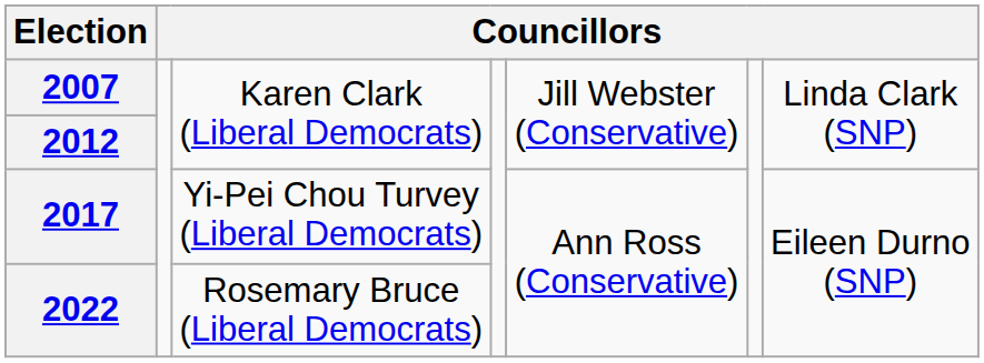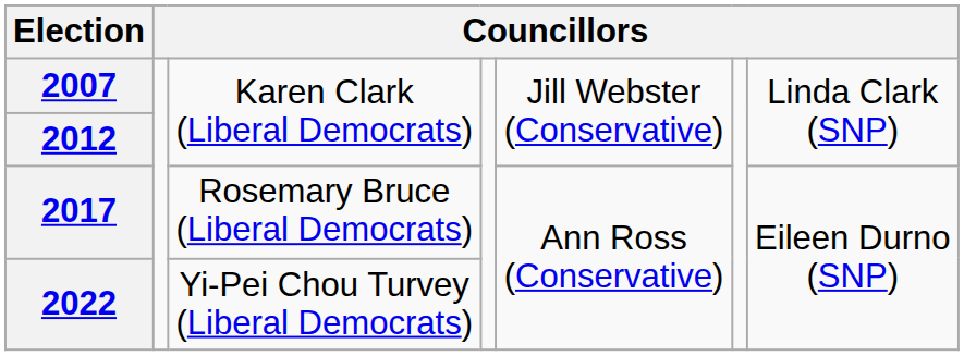 <table class="wikitable" style="text-align:center">
 <tr>
 <th>Election</th>
 <th colspan=8>Councillors</th>
 </tr>
 <tr>
 <th><a href='#'>2007</a></th>
 <td rowspan=4; style="background-color: "></td>
 <td rowspan=2>Karen Clark<br>(<a href='#'>Liberal Democrats</a>)</td>
 <td rowspan=4; style="background-color: "></td>
 <td rowspan=2>Jill Webster<br>(<a href='#'>Conservative</a>)</td>
 <td rowspan=4; style="background-color: "></td>
 <td rowspan=2>Linda Clark<br>(<a href='#'>SNP</a>)</td>
 </tr>
 <tr>
 <th><a href='#'>2012</a></th>
 </tr>
 <tr>
 <th><a href='#'>2017</a></th>
-<td rowspan=1>Yi-Pei Chou Turvey <br>(<a href='#'>Liberal Democrats</a>)</td>
+<td>Rosemary Bruce<br>(<a href='#'>Liberal Democrats</a>)</td>
 <td rowspan=2>Ann Ross<br>(<a href='#'>Conservative</a>)</td>
 <td rowspan=2>Eileen Durno<br>(<a href='#'>SNP</a>)</td>
 </tr>
 <tr>
 <th><a href='#'>2022</a></th>
-<td>Rosemary Bruce<br>(<a href='#'>Liberal Democrats</a>)</td>
+<td rowspan=1>Yi-Pei Chou Turvey <br>(<a href='#'>Liberal Democrats</a>)</td>
 </tr>
 </table>
